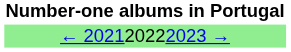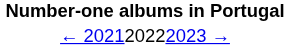 <table class="toc" id="toc" summary="Contents">
 <tr>
 <th>Number-one albums in Portugal</th>
 </tr>
 <tr>
-<td align="center" style="background: lightgreen;"><a href='#'>← 2021</a>2022<a href='#'>2023 →</a></td>
+<td align="center"><a href='#'>← 2021</a>2022<a href='#'>2023 →</a></td>
 </tr>
 </table>
